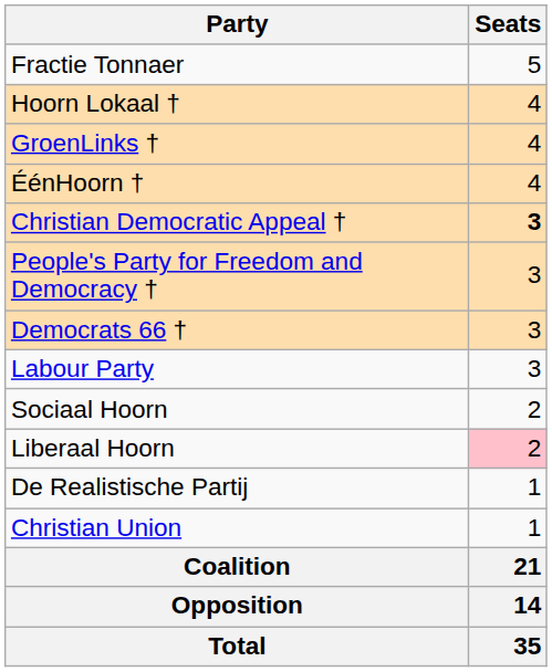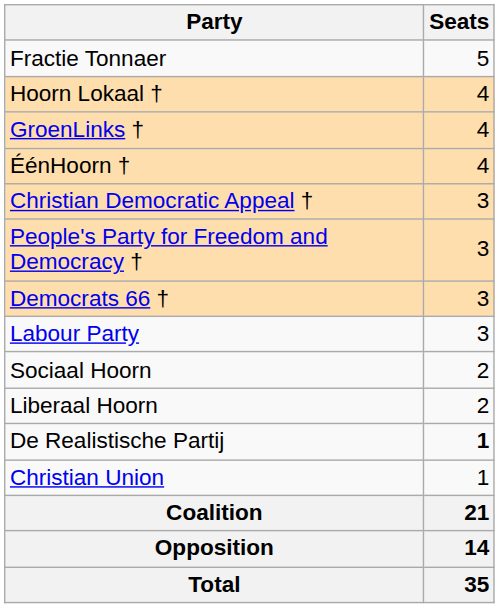 <table class="wikitable plainrowheaders sortable">
 <tr>
 <th width="290px">Party</th>
 <th>Seats</th>
 </tr>
 <tr>
 <td>Fractie Tonnaer</td>
 <td style="text-align:right">5</td>
 </tr>
 <tr>
 <td style="background:navajowhite">Hoorn Lokaal †</td>
 <td style="background:navajowhite;text-align:right">4</td>
 </tr>
 <tr>
 <td style="background:navajowhite"><a href='#'>GroenLinks</a> †</td>
 <td style="background:navajowhite;text-align:right">4</td>
 </tr>
 <tr>
 <td style="background:navajowhite">ÉénHoorn †</td>
 <td style="background:navajowhite;text-align:right">4</td>
 </tr>
 <tr>
 <td style="background:navajowhite"><a href='#'>Christian Democratic Appeal</a> †</td>
-<td style="background:navajowhite;text-align:right"><strong>3</strong></td>
+<td style="background:navajowhite;text-align:right">3</td>
 </tr>
 <tr>
 <td style="background:navajowhite"><a href='#'>People's Party for Freedom and Democracy</a> †</td>
 <td style="background:navajowhite;text-align:right">3</td>
 </tr>
 <tr>
 <td style="background:navajowhite"><a href='#'>Democrats 66</a> †</td>
 <td style="background:navajowhite;text-align:right">3</td>
 </tr>
 <tr>
 <td><a href='#'>Labour Party</a></td>
 <td style="text-align:right">3</td>
 </tr>
 <tr>
 <td>Sociaal Hoorn</td>
 <td style="text-align:right">2</td>
 </tr>
 <tr>
 <td>Liberaal Hoorn</td>
-<td style="background: pink; text-align:right">2</td>
+<td style="text-align:right">2</td>
 </tr>
 <tr>
 <td>De Realistische Partij</td>
-<td style="text-align:right">1</td>
+<td style="text-align:right"><strong>1</strong></td>
 </tr>
 <tr>
 <td><a href='#'>Christian Union</a></td>
 <td style="text-align:right">1</td>
 </tr>
 <tr>
 <th scope="row"> Coalition</th>
 <th scope="row" style="text-align:right">21</th>
 </tr>
 <tr>
 <th scope="row">Opposition</th>
 <th scope="row" style="text-align:right">14</th>
 </tr>
 <tr>
 <th scope="row"><strong>Total</strong></th>
 <th scope="row" style="text-align:right"><strong>35</strong></th>
 </tr>
 </table>
